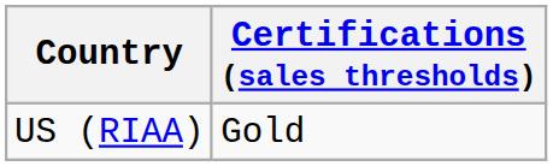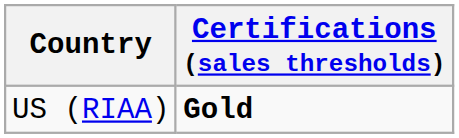 <table class="wikitable">
 <tr>
 <th>Country</th>
 <th><a href='#'>Certifications</a><br><small>(<a href='#'>sales thresholds</a>)</small></th>
 </tr>
 <tr>
 <td>US (<a href='#'>RIAA</a>)</td>
-<td>Gold</td>
+<td><strong>Gold</strong></td>
 </tr>
 </table>
